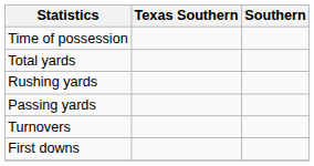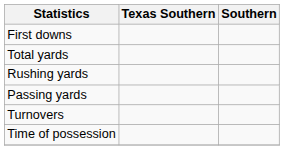 <table class="wikitable">
 <tr>
 <th>Statistics</th>
 <th>Texas Southern</th>
 <th>Southern</th>
 </tr>
 <tr>
-<td>Time of possession</td>
+<td>First downs</td>
 <td> </td>
 <td> </td>
 </tr>
 <tr>
 <td>Total yards</td>
 <td> </td>
 <td> </td>
 </tr>
 <tr>
 <td>Rushing yards</td>
 <td> </td>
 <td> </td>
 </tr>
 <tr>
 <td>Passing yards</td>
 <td> </td>
 <td> </td>
 </tr>
 <tr>
 <td>Turnovers</td>
 <td> </td>
 <td> </td>
 </tr>
 <tr>
-<td>First downs</td>
+<td>Time of possession</td>
 <td> </td>
 <td> </td>
 </tr>
 <tr>
 </tr>
 </table>
